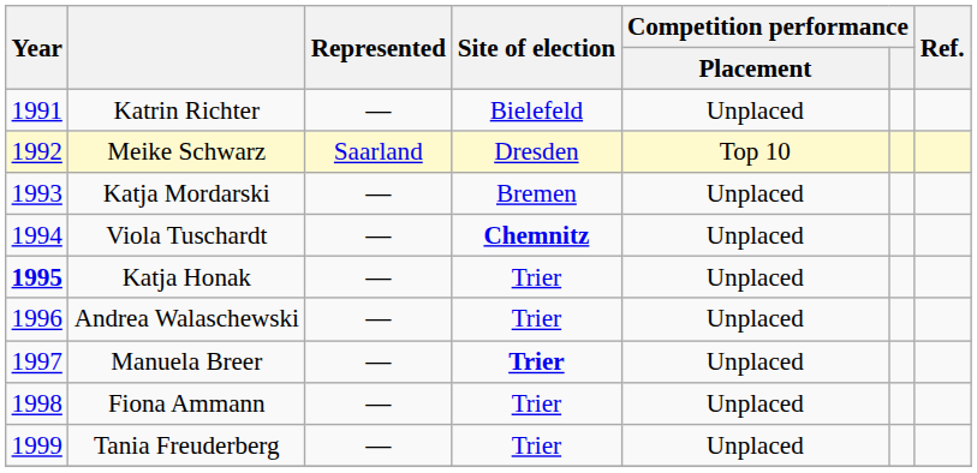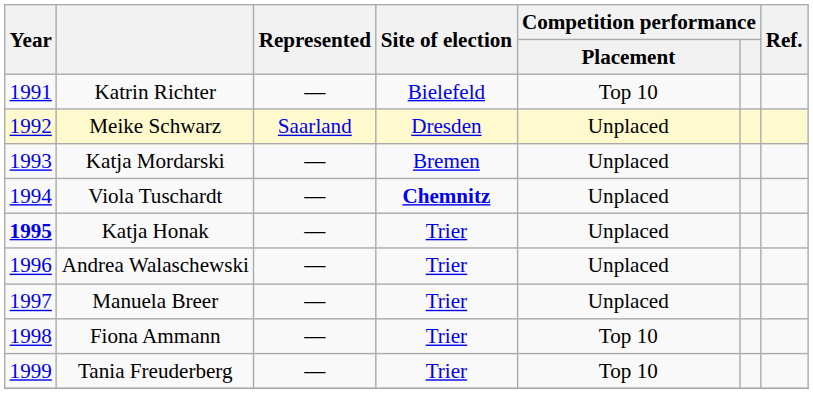 <table class="wikitable" style="font-size: 95%; text-align:center">
 <tr>
 <th rowspan="2">Year</th>
 <th rowspan="2"></th>
 <th rowspan="2">Represented</th>
 <th rowspan="2">Site of election</th>
 <th colspan="2">Competition performance</th>
 <th rowspan="2">Ref.</th>
 </tr>
 <tr>
 <th>Placement</th>
 <th></th>
 </tr>
 <tr>
 <td><a href='#'>1991</a></td>
 <td>Katrin Richter</td>
 <td>—</td>
 <td><a href='#'>Bielefeld</a></td>
-<td>Unplaced</td>
+<td>Top 10</td>
 <td></td>
 <td></td>
 </tr>
 <tr style="background-color:#FFFACD">
 <td><a href='#'>1992</a></td>
 <td>Meike Schwarz</td>
 <td><a href='#'>Saarland</a></td>
 <td><a href='#'>Dresden</a></td>
-<td>Top 10</td>
+<td>Unplaced</td>
 <td></td>
 <td></td>
 </tr>
 <tr>
 <td><a href='#'>1993</a></td>
 <td>Katja Mordarski</td>
 <td>—</td>
 <td><a href='#'>Bremen</a></td>
 <td>Unplaced</td>
 <td></td>
 <td></td>
 </tr>
 <tr>
 <td><a href='#'>1994</a></td>
 <td>Viola Tuschardt</td>
 <td>—</td>
 <td><strong><a href='#'>Chemnitz</a></strong></td>
 <td>Unplaced</td>
 <td></td>
 <td></td>
 </tr>
 <tr>
 <td><strong><a href='#'>1995</a></strong></td>
 <td>Katja Honak</td>
 <td>—</td>
 <td><a href='#'>Trier</a></td>
 <td>Unplaced</td>
 <td></td>
 <td></td>
 </tr>
 <tr>
 <td><a href='#'>1996</a></td>
 <td>Andrea Walaschewski</td>
 <td>—</td>
 <td><a href='#'>Trier</a></td>
 <td>Unplaced</td>
 <td></td>
 <td></td>
 </tr>
 <tr>
 <td><a href='#'>1997</a></td>
 <td>Manuela Breer</td>
 <td>—</td>
-<td><strong><a href='#'>Trier</a></strong></td>
+<td><a href='#'>Trier</a></td>
 <td>Unplaced</td>
 <td></td>
 <td></td>
 </tr>
 <tr>
 <td><a href='#'>1998</a></td>
 <td>Fiona Ammann</td>
 <td>—</td>
 <td><a href='#'>Trier</a></td>
-<td>Unplaced</td>
+<td>Top 10</td>
 <td></td>
 <td></td>
 </tr>
 <tr>
 <td><a href='#'>1999</a></td>
 <td>Tania Freuderberg</td>
 <td>—</td>
 <td><a href='#'>Trier</a></td>
-<td>Unplaced</td>
+<td>Top 10</td>
 <td></td>
 <td></td>
 </tr>
 <tr>
 </tr>
 </table>
